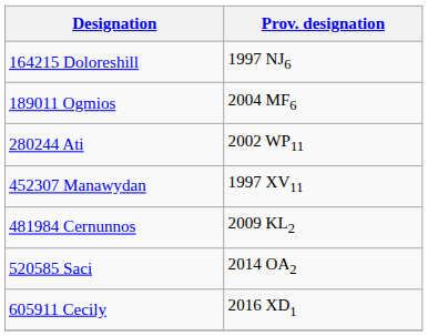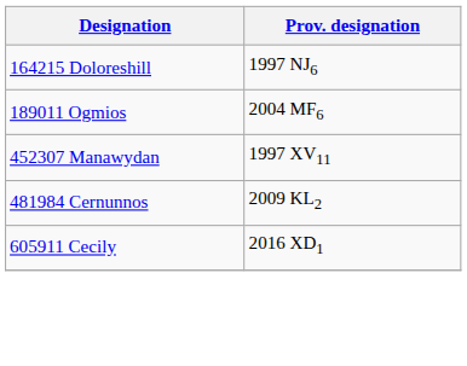 <table class="wikitable" style="font-size: 89%; float: left; width: 25em; margin-right: 1em; line-height: 1.65em !important;">
 <tr>
 <th align=left><a href='#'>Designation</a></th>
 <th align=left><a href='#'>Prov. designation</a></th>
 </tr>
 <tr>
 <td><a href='#'>164215 Doloreshill</a></td>
 <td>1997 NJ<sub>6</sub></td>
 </tr>
 <tr>
 <td><a href='#'>189011 Ogmios</a></td>
 <td>2004 MF<sub>6</sub></td>
 </tr>
 <tr>
-<td><a href='#'>280244 Ati</a></td>
-<td>2002 WP<sub>11</sub></td>
-</tr>
-<tr>
 <td><a href='#'>452307 Manawydan</a></td>
 <td>1997 XV<sub>11</sub></td>
 </tr>
 <tr>
 <td><a href='#'>481984 Cernunnos</a></td>
 <td>2009 KL<sub>2</sub></td>
 </tr>
 <tr>
-<td><a href='#'>520585 Saci</a></td>
-<td>2014 OA<sub>2</sub></td>
-</tr>
-<tr>
 <td><a href='#'>605911 Cecily</a></td>
 <td>2016 XD<sub>1</sub></td>
 </tr>
 <tr>
 </tr>
 </table>
